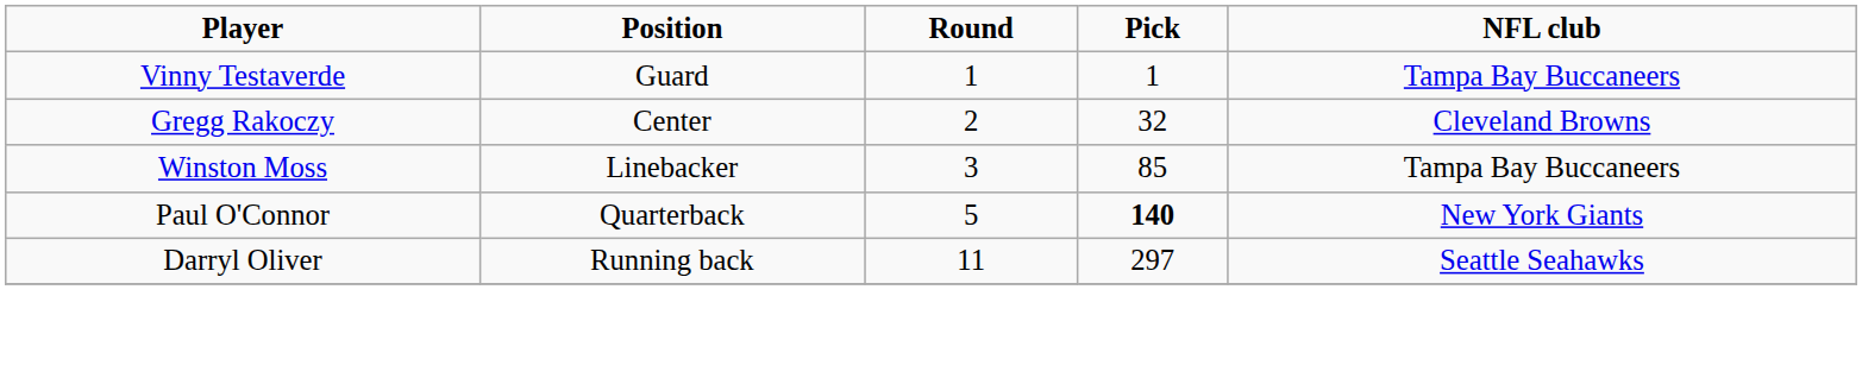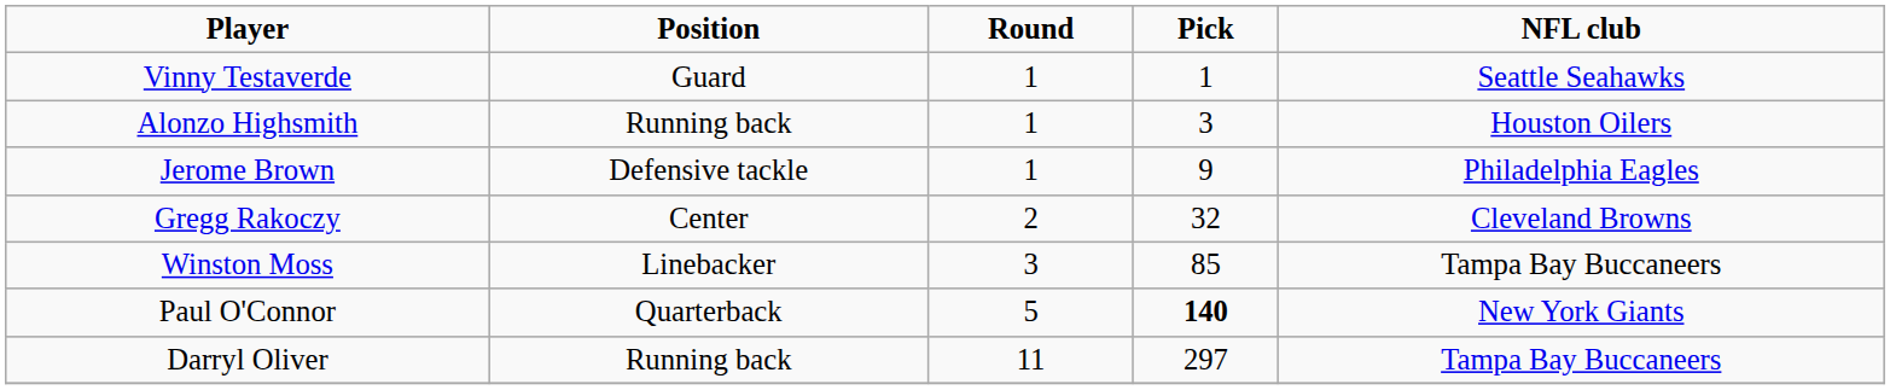 <table class="wikitable" width="80%">
 <tr align="center">
 <td><strong>Player</strong></td>
 <td><strong>Position</strong></td>
 <td><strong>Round</strong></td>
 <td><strong>Pick</strong></td>
 <td><strong>NFL club</strong></td>
 </tr>
 <tr align="center" bgcolor="">
 <td><a href='#'>Vinny Testaverde</a></td>
 <td>Guard</td>
 <td>1</td>
 <td>1</td>
-<td><a href='#'>Tampa Bay Buccaneers</a></td>
+<td><a href='#'>Seattle Seahawks</a></td>
+</tr>
+<tr align="center" bgcolor="">
+<td><a href='#'>Alonzo Highsmith</a></td>
+<td>Running back</td>
+<td>1</td>
+<td>3</td>
+<td><a href='#'>Houston Oilers</a></td>
+</tr>
+<tr align="center" bgcolor="">
+<td><a href='#'>Jerome Brown</a></td>
+<td>Defensive tackle</td>
+<td>1</td>
+<td>9</td>
+<td><a href='#'>Philadelphia Eagles</a></td>
 </tr>
 <tr align="center" bgcolor="">
 <td><a href='#'>Gregg Rakoczy</a></td>
 <td>Center</td>
 <td>2</td>
 <td>32</td>
 <td><a href='#'>Cleveland Browns</a></td>
 </tr>
 <tr align="center" bgcolor="">
 <td><a href='#'>Winston Moss</a></td>
 <td>Linebacker</td>
 <td>3</td>
 <td>85</td>
 <td>Tampa Bay Buccaneers</td>
 </tr>
 <tr align="center" bgcolor="">
 <td>Paul O'Connor</td>
 <td>Quarterback</td>
 <td>5</td>
 <td><strong>140</strong></td>
 <td><a href='#'>New York Giants</a></td>
 </tr>
 <tr align="center" bgcolor="">
 <td>Darryl Oliver</td>
 <td>Running back</td>
 <td>11</td>
 <td>297</td>
-<td><a href='#'>Seattle Seahawks</a></td>
+<td><a href='#'>Tampa Bay Buccaneers</a></td>
 </tr>
 <tr align="center" bgcolor="">
 </tr>
 </table>
